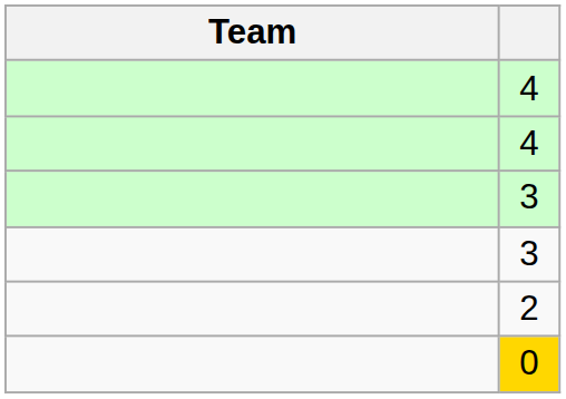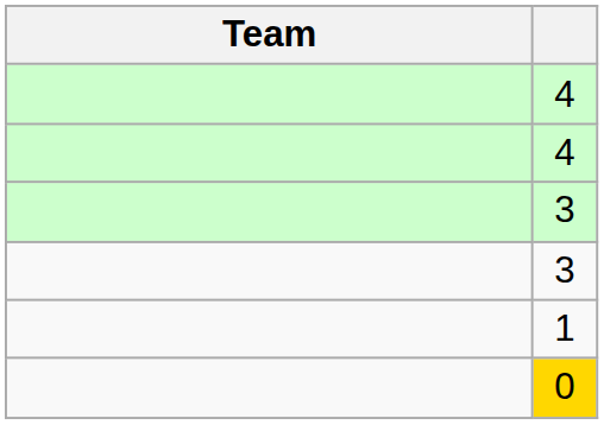 <table class="wikitable" style="text-align:center;">
 <tr>
 <th width=220>Team</th>
 <th width=20></th>
 </tr>
 <tr bgcolor="#ccffcc">
 <td align=left></td>
 <td>4</td>
 </tr>
 <tr bgcolor="#ccffcc">
 <td align=left></td>
 <td>4</td>
 </tr>
 <tr bgcolor="#ccffcc">
 <td align=left></td>
 <td>3</td>
 </tr>
 <tr>
 <td align=left></td>
 <td>3</td>
 </tr>
 <tr>
 <td align=left></td>
-<td>2</td>
+<td>1</td>
 </tr>
 <tr>
 <td align=left></td>
 <td style="background: gold;">0</td>
 </tr>
 </table>
